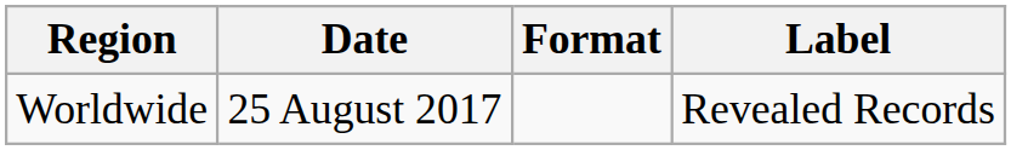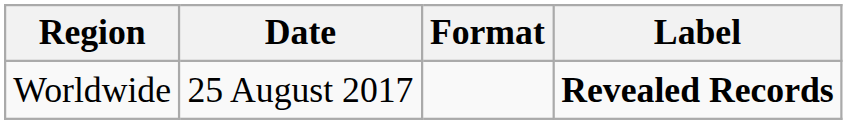 <table class=wikitable>
 <tr>
 <th>Region</th>
 <th>Date</th>
 <th>Format</th>
 <th>Label</th>
 </tr>
 <tr>
 <td>Worldwide</td>
 <td rowspan="7">25 August 2017</td>
 <td rowspan="7"></td>
-<td>Revealed Records</td>
+<td><strong>Revealed Records</strong></td>
 </tr>
 </table>
